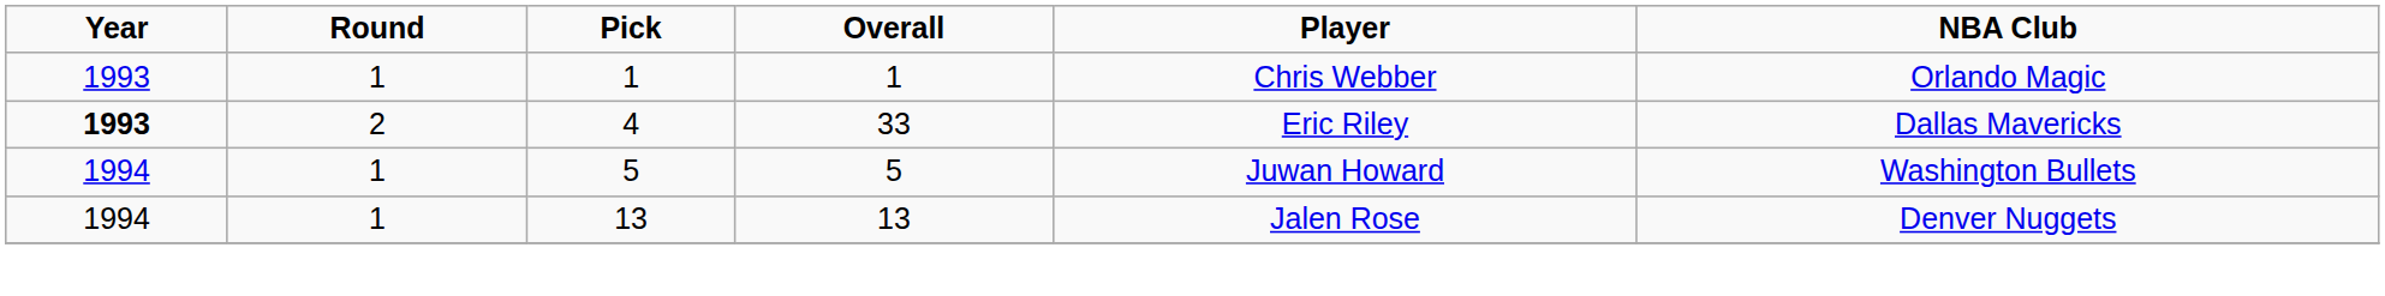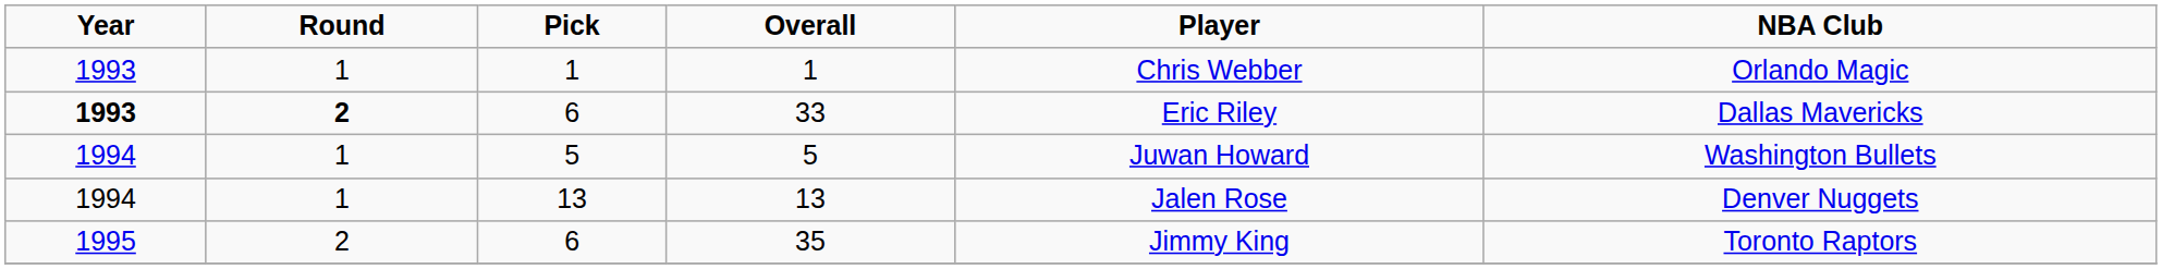 <table class="wikitable" width="80%">
 <tr align="center">
 <td><strong>Year</strong></td>
 <td><strong>Round</strong></td>
 <td><strong>Pick</strong></td>
 <td><strong>Overall</strong></td>
 <td><strong>Player</strong></td>
 <td><strong>NBA Club</strong></td>
 </tr>
 <tr align="center" bgcolor="">
 <td><a href='#'>1993</a></td>
 <td>1</td>
 <td>1</td>
 <td>1</td>
 <td><a href='#'>Chris Webber</a></td>
 <td><a href='#'>Orlando Magic</a></td>
 </tr>
 <tr align="center" bgcolor="">
 <td><strong>1993</strong></td>
-<td>2</td>
-<td>4</td>
+<td><strong>2</strong></td>
+<td>6</td>
 <td>33</td>
 <td><a href='#'>Eric Riley</a></td>
 <td><a href='#'>Dallas Mavericks</a></td>
 </tr>
 <tr align="center" bgcolor="">
 <td><a href='#'>1994</a></td>
 <td>1</td>
 <td>5</td>
 <td>5</td>
 <td><a href='#'>Juwan Howard</a></td>
 <td><a href='#'>Washington Bullets</a></td>
 </tr>
 <tr align="center" bgcolor="">
 <td>1994</td>
 <td>1</td>
 <td>13</td>
 <td>13</td>
 <td><a href='#'>Jalen Rose</a></td>
 <td><a href='#'>Denver Nuggets</a></td>
 </tr>
 <tr align="center" bgcolor="">
+<td><a href='#'>1995</a></td>
+<td>2</td>
+<td>6</td>
+<td>35</td>
+<td><a href='#'>Jimmy King</a></td>
+<td><a href='#'>Toronto Raptors</a></td>
+</tr>
+<tr align="center" bgcolor="">
 </tr>
 </table>
